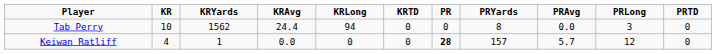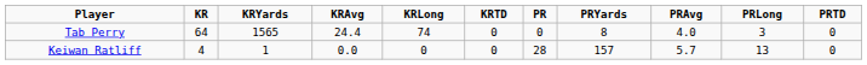 <table class="wikitable" width="80%">
 <tr align="center">
 <td><strong>Player</strong></td>
 <td><strong>KR</strong></td>
 <td><strong>KRYards</strong></td>
 <td><strong>KRAvg</strong></td>
 <td><strong>KRLong</strong></td>
 <td><strong>KRTD</strong></td>
 <td><strong>PR</strong></td>
 <td><strong>PRYards</strong></td>
 <td><strong>PRAvg</strong></td>
 <td><strong>PRLong</strong></td>
 <td><strong>PRTD</strong></td>
 </tr>
 <tr align="center" bgcolor="">
 <td><a href='#'>Tab Perry</a></td>
-<td>10</td>
-<td>1562</td>
+<td>64</td>
+<td>1565</td>
 <td>24.4</td>
-<td>94</td>
+<td>74</td>
 <td>0</td>
 <td>0</td>
 <td>8</td>
-<td>0.0</td>
+<td>4.0</td>
 <td>3</td>
 <td>0</td>
 </tr>
 <tr align="center" bgcolor="">
 <td><a href='#'>Keiwan Ratliff</a></td>
 <td>4</td>
 <td>1</td>
 <td>0.0</td>
 <td>0</td>
 <td>0</td>
-<td><strong>28</strong></td>
+<td>28</td>
 <td>157</td>
 <td>5.7</td>
-<td>12</td>
+<td>13</td>
 <td>0</td>
 </tr>
 </table>
